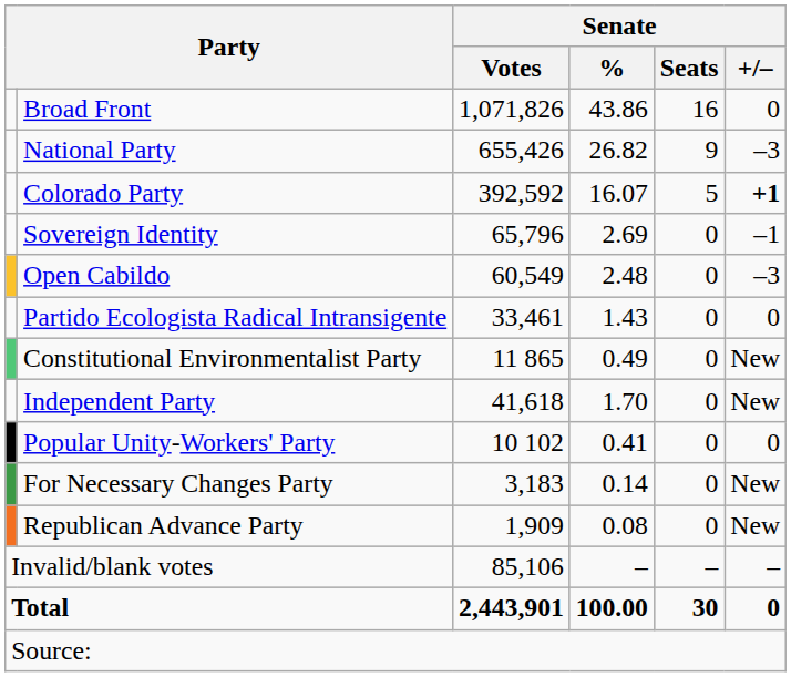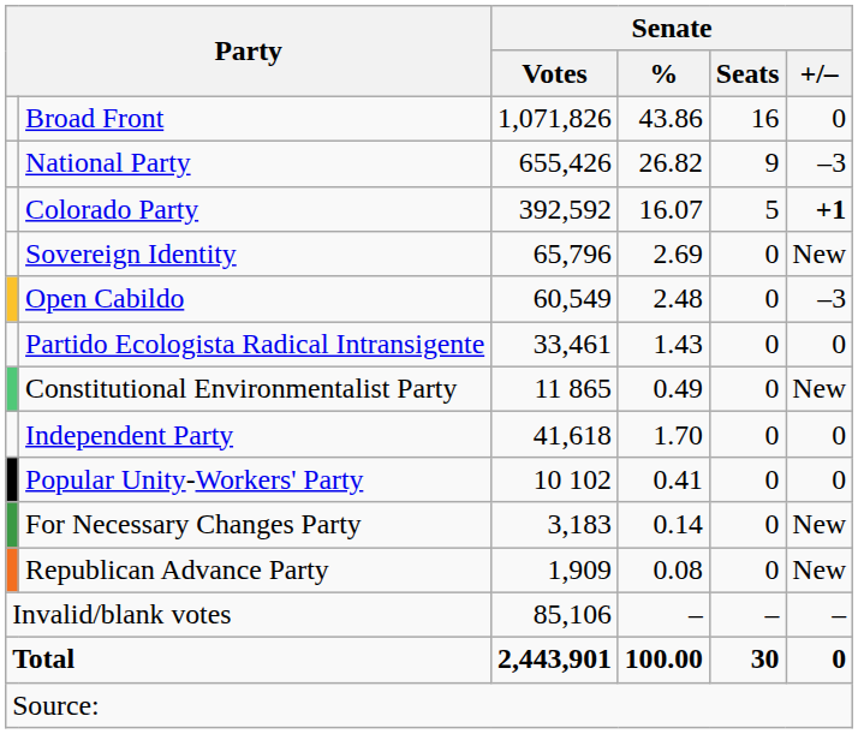 <table class="wikitable sortable" style="text-align:right">
 <tr>
 <th colspan="2" rowspan="2">Party</th>
 <th colspan="4">Senate</th>
 </tr>
 <tr>
 <th>Votes</th>
 <th>%</th>
 <th>Seats</th>
 <th>+/–</th>
 </tr>
 <tr>
 <td style="background-color:"></td>
 <td align="left"><a href='#'>Broad Front</a></td>
 <td>1,071,826</td>
 <td>43.86</td>
 <td>16</td>
 <td>0</td>
 </tr>
 <tr>
 <td style="background-color:"></td>
 <td align="left"><a href='#'>National Party</a></td>
 <td>655,426</td>
 <td>26.82</td>
 <td>9</td>
 <td>–3</td>
 </tr>
 <tr>
 <td style="background-color:"></td>
 <td align="left"><a href='#'>Colorado Party</a></td>
 <td>392,592</td>
 <td>16.07</td>
 <td>5</td>
 <td><strong>+1</strong></td>
 </tr>
 <tr>
 <td style="background-color:"></td>
 <td align="left"><a href='#'>Sovereign Identity</a></td>
 <td>65,796</td>
 <td>2.69</td>
 <td>0</td>
-<td>–1</td>
+<td>New</td>
 </tr>
 <tr>
 <td style="color:inherit;background:#FBC22B"></td>
 <td align="left"><a href='#'>Open Cabildo</a></td>
 <td>60,549</td>
 <td>2.48</td>
 <td>0</td>
 <td>–3</td>
 </tr>
 <tr>
 <td style="background-color:"></td>
 <td align="left"><a href='#'>Partido Ecologista Radical Intransigente</a></td>
 <td>33,461</td>
 <td>1.43</td>
 <td>0</td>
 <td>0</td>
 </tr>
 <tr>
 <td style="background-color:#50C878"></td>
 <td align="left">Constitutional Environmentalist Party</td>
 <td>11 865</td>
 <td>0.49</td>
 <td>0</td>
 <td>New</td>
 </tr>
 <tr>
 <td style="background-color:"></td>
 <td align="left"><a href='#'>Independent Party</a></td>
 <td>41,618</td>
 <td>1.70</td>
 <td>0</td>
-<td>New</td>
+<td>0</td>
 </tr>
 <tr>
 <td style="color:inherit;background:#000000"></td>
 <td align="left"><a href='#'>Popular Unity</a>-<a href='#'>Workers' Party</a></td>
 <td>10 102</td>
 <td>0.41</td>
 <td>0</td>
 <td>0</td>
 </tr>
 <tr>
 <td style="color:inherit;background:#3B9945"></td>
 <td align="left">For Necessary Changes Party</td>
 <td>3,183</td>
 <td>0.14</td>
 <td>0</td>
 <td>New</td>
 </tr>
 <tr>
 <td style="color:inherit;background:#F36F21"></td>
 <td align="left">Republican Advance Party</td>
 <td>1,909</td>
 <td>0.08</td>
 <td>0</td>
 <td>New</td>
 </tr>
 <tr>
 <td colspan="2" align="left">Invalid/blank votes</td>
 <td>85,106</td>
 <td>–</td>
 <td>–</td>
 <td>–</td>
 </tr>
 <tr>
 <td colspan="2" align="left"><strong>Total</strong></td>
 <td><strong>2,443,901</strong></td>
 <td><strong>100.00</strong></td>
 <td><strong>30</strong></td>
 <td><strong>0</strong></td>
 </tr>
 <tr>
 <td colspan="6" align="left">Source: </td>
 </tr>
 </table>
